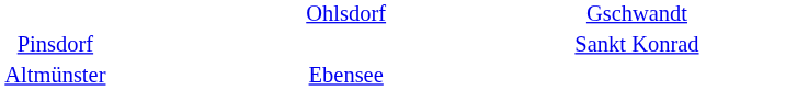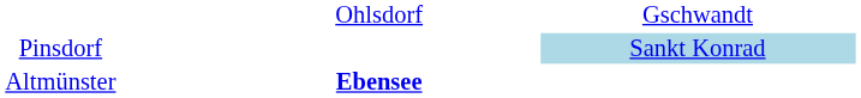 <table width="50%" align="center">
 <tr ---->
 <td></td>
 <td width ="33%" align="center"><a href='#'>Ohlsdorf</a></td>
 <td width ="33%" align="center"><a href='#'>Gschwandt</a></td>
 </tr>
 <tr ---->
 <td width ="33%" align="center"><a href='#'>Pinsdorf</a></td>
 <td width ="33%" align="center"></td>
-<td width ="33%" align="center"><a href='#'>Sankt Konrad</a></td>
+<td width ="33%" align="center" style="background: lightblue;"><a href='#'>Sankt Konrad</a></td>
 <td></td>
 </tr>
 <tr ---->
 <td width ="33%" align="center"><a href='#'>Altmünster</a></td>
-<td width ="33%" align="center"><a href='#'>Ebensee</a></td>
+<td width ="33%" align="center"><strong><a href='#'>Ebensee</a></strong></td>
 </tr>
 </table>
